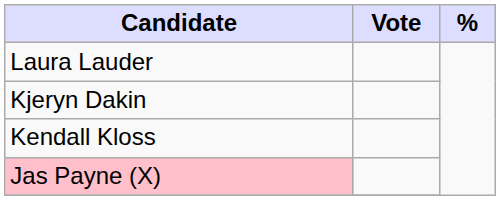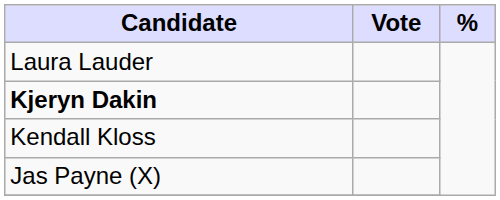 <table class="wikitable">
 <tr>
 <th style="background:#ddf; width:225px;">Candidate</th>
 <th style="background:#ddf; width:50px;">Vote</th>
 <th style="background:#ddf; width:30px;">%</th>
 </tr>
 <tr>
 <td>Laura Lauder</td>
 <td></td>
 </tr>
 <tr>
-<td>Kjeryn Dakin</td>
+<td><strong>Kjeryn Dakin</strong></td>
 <td></td>
 </tr>
 <tr>
 <td>Kendall Kloss</td>
 <td></td>
 </tr>
 <tr>
-<td style="background: pink;">Jas Payne (X)</td>
+<td>Jas Payne (X)</td>
 <td></td>
 </tr>
 <tr>
 </tr>
 </table>
